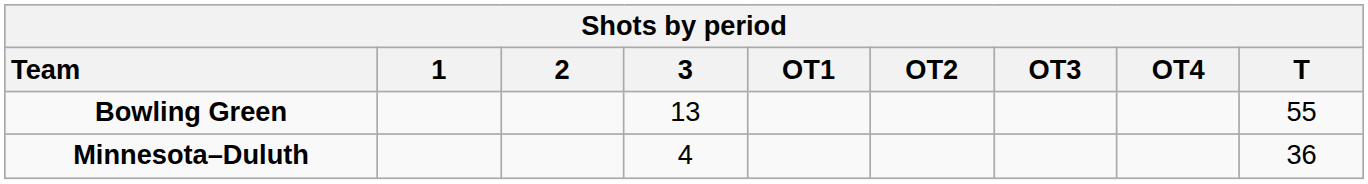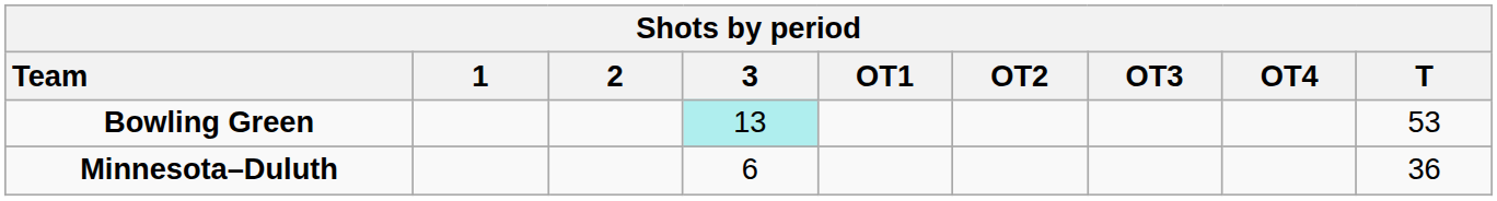 <table class="wikitable" style="width:50em; text-align:right;">
 <tr>
 <th colspan=9>Shots by period</th>
 </tr>
 <tr>
 <th style="width:10em; text-align:left;">Team</th>
 <th style="width:3em;">1</th>
 <th style="width:3em;">2</th>
 <th style="width:3em;">3</th>
 <th style="width:3em;">OT1</th>
 <th style="width:3em;">OT2</th>
 <th style="width:3em;">OT3</th>
 <th style="width:3em;">OT4</th>
 <th style="width:3em;">T</th>
 </tr>
 <tr>
 <td align=center><strong>Bowling Green</strong></td>
 <td align=center></td>
 <td align=center></td>
-<td align=center>13</td>
+<td align=center style="background: paleturquoise;">13</td>
 <td align=center></td>
 <td align=center></td>
 <td align=center></td>
 <td align=center></td>
-<td align=center>55</td>
+<td align=center>53</td>
 </tr>
 <tr>
 <td align=center><strong>Minnesota–Duluth</strong></td>
 <td align=center></td>
 <td align=center></td>
-<td align=center>4</td>
+<td align=center>6</td>
 <td align=center></td>
 <td align=center></td>
 <td align=center></td>
 <td align=center></td>
 <td align=center>36</td>
 </tr>
 </table>
